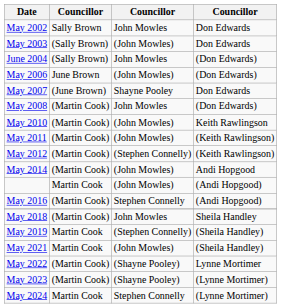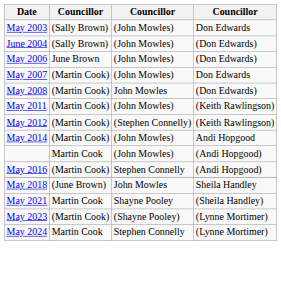 <table class="wikitable">
 <tr>
 <th>Date</th>
 <th>Councillor</th>
 <th>Councillor</th>
 <th>Councillor</th>
-</tr>
-<tr>
-<td><a href='#'>May 2002</a></td>
-<td ! style="background-color:">Sally Brown</td>
-<td ! style="background-color:">John Mowles</td>
-<td ! style="background-color:">Don Edwards</td>
 </tr>
 <tr>
 <td><a href='#'>May 2003</a></td>
 <td ! style="background-color:">(Sally Brown)</td>
 <td ! style="background-color:">(John Mowles)</td>
 <td ! style="background-color:">Don Edwards</td>
 </tr>
 <tr>
 <td><a href='#'>June 2004</a></td>
 <td ! style="background-color:">(Sally Brown)</td>
-<td ! style="background-color:">John Mowles</td>
+<td ! style="background-color:">(John Mowles)</td>
 <td ! style="background-color:">(Don Edwards)</td>
 </tr>
 <tr>
 <td><a href='#'>May 2006</a></td>
 <td ! style="background-color:">June Brown</td>
 <td ! style="background-color:">(John Mowles)</td>
 <td ! style="background-color:">(Don Edwards)</td>
 </tr>
 <tr>
 <td><a href='#'>May 2007</a></td>
-<td ! style="background-color:">(June Brown)</td>
-<td ! style="background-color:">Shayne Pooley</td>
+<td ! style="background-color:">(Martin Cook)</td>
+<td ! style="background-color:">(John Mowles)</td>
 <td ! style="background-color:">Don Edwards</td>
 </tr>
 <tr>
 <td><a href='#'>May 2008</a></td>
 <td ! style="background-color:">(Martin Cook)</td>
 <td ! style="background-color:">John Mowles</td>
 <td ! style="background-color:">(Don Edwards)</td>
-</tr>
-<tr>
-<td><a href='#'>May 2010</a></td>
-<td ! style="background-color:">(Martin Cook)</td>
-<td ! style="background-color:">(John Mowles)</td>
-<td ! style="background-color:">Keith Rawlingson</td>
 </tr>
 <tr>
 <td><a href='#'>May 2011</a></td>
 <td ! style="background-color:">(Martin Cook)</td>
 <td ! style="background-color:">(John Mowles)</td>
 <td ! style="background-color:">(Keith Rawlingson)</td>
 </tr>
 <tr>
 <td><a href='#'>May 2012</a></td>
 <td ! style="background-color:">(Martin Cook)</td>
 <td ! style="background-color:">(Stephen Connelly)</td>
 <td ! style="background-color:">(Keith Rawlingson)</td>
 </tr>
 <tr>
 <td><a href='#'>May 2014</a></td>
 <td ! style="background-color:">(Martin Cook)</td>
 <td ! style="background-color:">(John Mowles)</td>
 <td ! style="background-color:">Andi Hopgood</td>
 </tr>
 <tr>
 <td></td>
 <td ! style="background-color:">Martin Cook</td>
 <td ! style="background-color:">(John Mowles)</td>
 <td ! style="background-color:">(Andi Hopgood)</td>
 </tr>
 <tr>
 <td><a href='#'>May 2016</a></td>
 <td ! style="background-color:">(Martin Cook)</td>
 <td ! style="background-color:">Stephen Connelly</td>
 <td ! style="background-color:">(Andi Hopgood)</td>
 </tr>
 <tr>
 </tr>
 <tr>
 <td><a href='#'>May 2018</a></td>
-<td ! style="background-color:">(Martin Cook)</td>
+<td ! style="background-color:">(June Brown)</td>
 <td ! style="background-color:">John Mowles</td>
 <td ! style="background-color:">Sheila Handley</td>
 </tr>
 <tr>
-<td><a href='#'>May 2019</a></td>
-<td ! style="background-color:">Martin Cook</td>
-<td ! style="background-color:">(Stephen Connelly)</td>
-<td ! style="background-color:">(Sheila Handley)</td>
-</tr>
-<tr>
 <td><a href='#'>May 2021</a></td>
 <td ! style="background-color:">Martin Cook</td>
-<td ! style="background-color:">(John Mowles)</td>
+<td ! style="background-color:">Shayne Pooley</td>
 <td ! style="background-color:">(Sheila Handley)</td>
-</tr>
-<tr>
-<td><a href='#'>May 2022</a></td>
-<td ! style="background-color:">(Martin Cook)</td>
-<td ! style="background-color:">(Shayne Pooley)</td>
-<td ! style="background-color:">Lynne Mortimer</td>
 </tr>
 <tr>
 <td><a href='#'>May 2023</a></td>
 <td ! style="background-color:">(Martin Cook)</td>
 <td ! style="background-color:">(Shayne Pooley)</td>
 <td ! style="background-color:">(Lynne Mortimer)</td>
 </tr>
 <tr>
 <td><a href='#'>May 2024</a></td>
 <td ! style="background-color:">Martin Cook</td>
 <td ! style="background-color:">Stephen Connelly</td>
 <td ! style="background-color:">(Lynne Mortimer)</td>
 </tr>
 </table>
